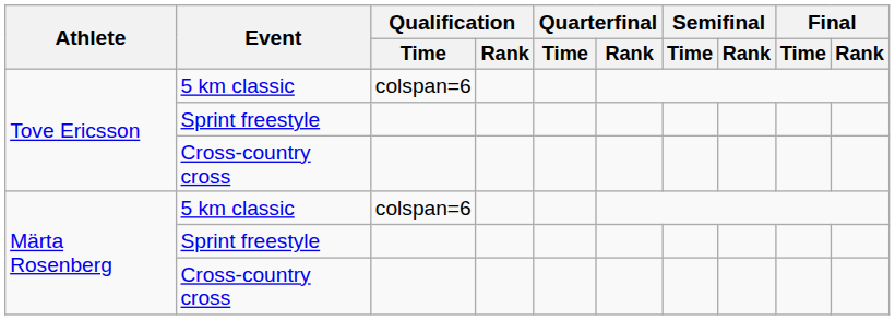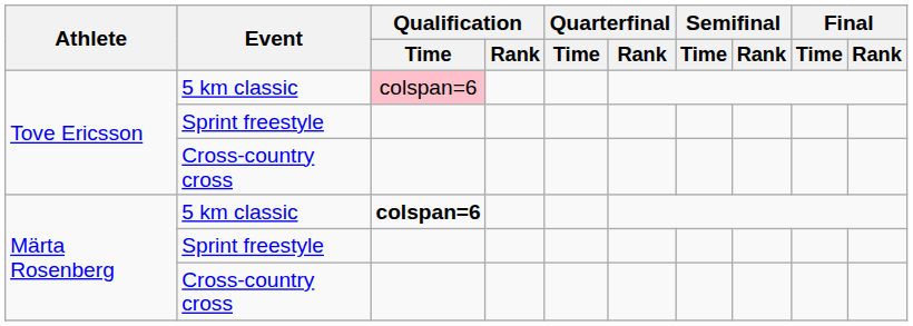 <table class="wikitable" style="font-size:90%">
 <tr>
 <th rowspan="2">Athlete</th>
 <th rowspan="2">Event</th>
 <th colspan="2">Qualification</th>
 <th colspan="2">Quarterfinal</th>
 <th colspan="2">Semifinal</th>
 <th colspan="2">Final</th>
 </tr>
 <tr style="font-size:95%">
 <th>Time</th>
 <th>Rank</th>
 <th>Time</th>
 <th>Rank</th>
 <th>Time</th>
 <th>Rank</th>
 <th>Time</th>
 <th>Rank</th>
 </tr>
 <tr align=center>
 <td align=left rowspan=3><a href='#'>Tove Ericsson</a></td>
 <td align=left><a href='#'>5 km classic</a></td>
-<td>colspan=6 </td>
+<td style="background: pink;">colspan=6 </td>
 <td></td>
 <td></td>
 </tr>
 <tr align=center>
 <td align=left><a href='#'>Sprint freestyle</a></td>
 <td></td>
 <td></td>
 <td></td>
 <td></td>
 <td></td>
 <td></td>
 <td></td>
 <td></td>
 </tr>
 <tr align=center>
 <td align=left><a href='#'>Cross-country cross</a></td>
 <td></td>
 <td></td>
 <td></td>
 <td></td>
 <td></td>
 <td></td>
 <td></td>
 <td></td>
 </tr>
 <tr align=center>
 <td align=left rowspan=3><a href='#'>Märta Rosenberg</a></td>
 <td align=left><a href='#'>5 km classic</a></td>
-<td>colspan=6 </td>
+<td><strong>colspan=6 </strong></td>
 <td></td>
 <td></td>
 </tr>
 <tr align=center>
 <td align=left><a href='#'>Sprint freestyle</a></td>
 <td></td>
 <td></td>
 <td></td>
 <td></td>
 <td></td>
 <td></td>
 <td></td>
 <td></td>
 </tr>
 <tr align=center>
 <td align=left><a href='#'>Cross-country cross</a></td>
 <td></td>
 <td></td>
 <td></td>
 <td></td>
 <td></td>
 <td></td>
 <td></td>
 <td></td>
 </tr>
 </table>
